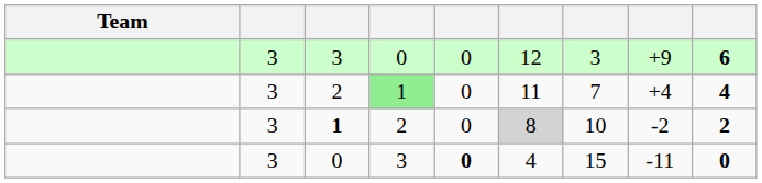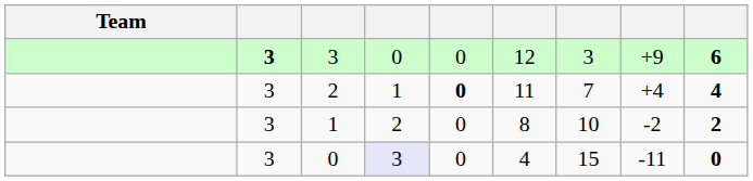 <table class="wikitable" style="text-align:center; border:1 cellpadding">
 <tr>
 <th width=165>Team</th>
 <th width=40></th>
 <th width=40></th>
 <th width=40></th>
 <th width=40></th>
 <th width=40></th>
 <th width=40></th>
 <th width=40></th>
 <th width=40></th>
 </tr>
 <tr bgcolor="ccffcc">
 <td style="text-align:left;"></td>
-<td>3</td>
+<td><strong>3</strong></td>
 <td>3</td>
 <td>0</td>
 <td>0</td>
 <td>12</td>
 <td>3</td>
 <td>+9</td>
 <td><strong>6</strong></td>
 </tr>
 <tr>
 <td style="text-align:left;"></td>
 <td>3</td>
 <td>2</td>
-<td style="background: lightgreen;">1</td>
-<td>0</td>
+<td>1</td>
+<td><strong>0</strong></td>
 <td>11</td>
 <td>7</td>
 <td>+4</td>
 <td><strong>4</strong></td>
 </tr>
 <tr>
 <td style="text-align:left;"></td>
 <td>3</td>
-<td><strong>1</strong></td>
+<td>1</td>
 <td>2</td>
 <td>0</td>
-<td style="background: lightgrey;">8</td>
+<td>8</td>
 <td>10</td>
 <td>-2</td>
 <td><strong>2</strong></td>
 </tr>
 <tr>
 <td style="text-align:left;"></td>
 <td>3</td>
 <td>0</td>
-<td>3</td>
-<td><strong>0</strong></td>
+<td style="background: lavender;">3</td>
+<td>0</td>
 <td>4</td>
 <td>15</td>
 <td>-11</td>
 <td><strong>0</strong></td>
 </tr>
 </table>
